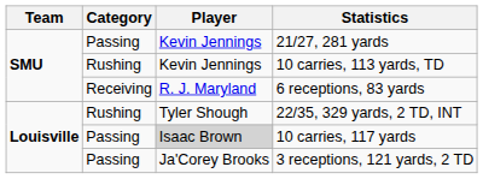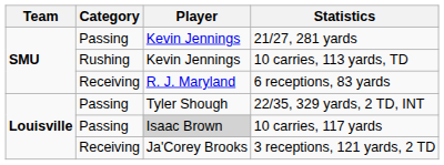 <table class="wikitable" style="float: right;">
 <tr>
 <th>Team</th>
 <th>Category</th>
 <th>Player</th>
 <th>Statistics</th>
 </tr>
 <tr>
 <td rowspan=3><strong>SMU</strong></td>
 <td>Passing</td>
 <td><a href='#'>Kevin Jennings</a></td>
 <td>21/27, 281 yards</td>
 </tr>
 <tr>
 <td>Rushing</td>
 <td>Kevin Jennings</td>
 <td>10 carries, 113 yards, TD</td>
 </tr>
 <tr>
 <td>Receiving</td>
 <td><a href='#'>R. J. Maryland</a></td>
 <td>6 receptions, 83 yards</td>
 </tr>
 <tr>
 <td rowspan=3><strong>Louisville</strong></td>
-<td>Rushing</td>
+<td>Passing</td>
 <td>Tyler Shough</td>
 <td>22/35, 329 yards, 2 TD, INT</td>
 </tr>
 <tr>
 <td>Passing</td>
 <td style="background: lightgrey;">Isaac Brown</td>
 <td>10 carries, 117 yards</td>
 </tr>
 <tr>
-<td>Passing</td>
+<td>Receiving</td>
 <td>Ja'Corey Brooks</td>
 <td>3 receptions, 121 yards, 2 TD</td>
 </tr>
 </table>
